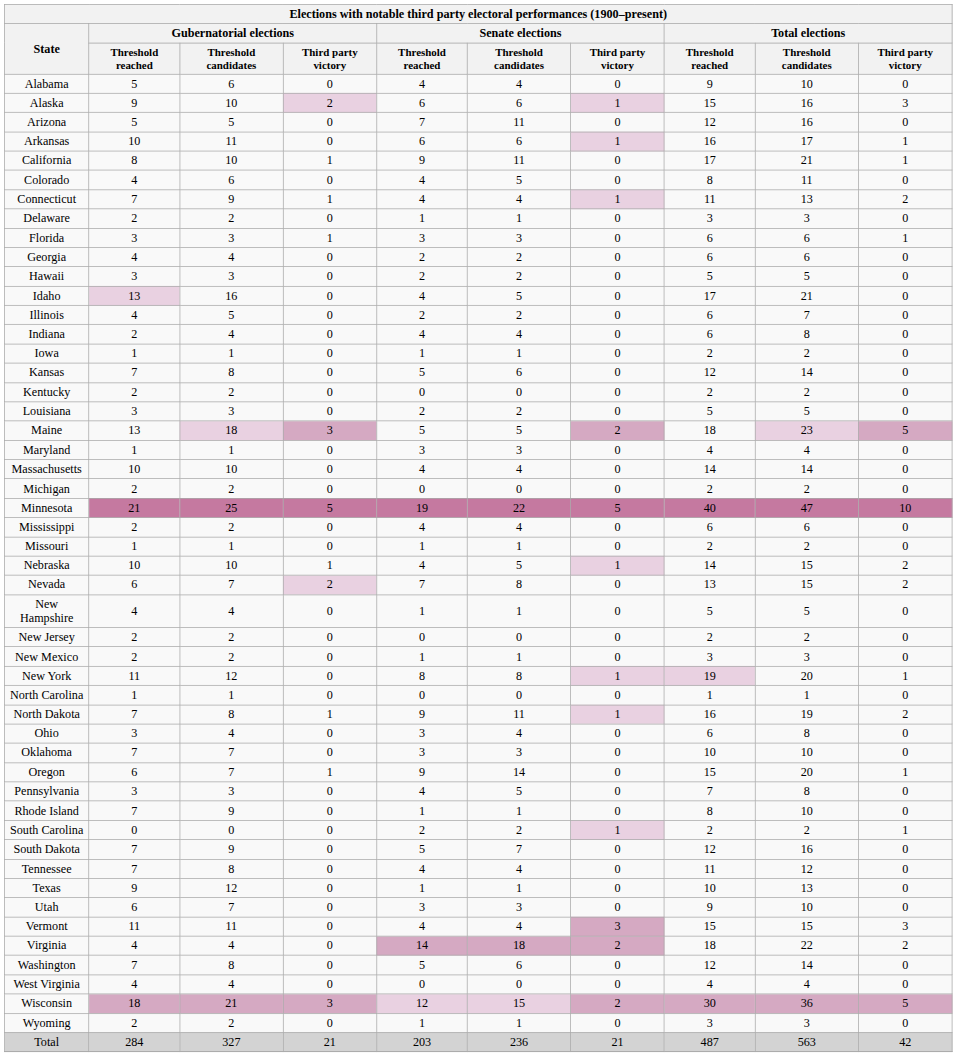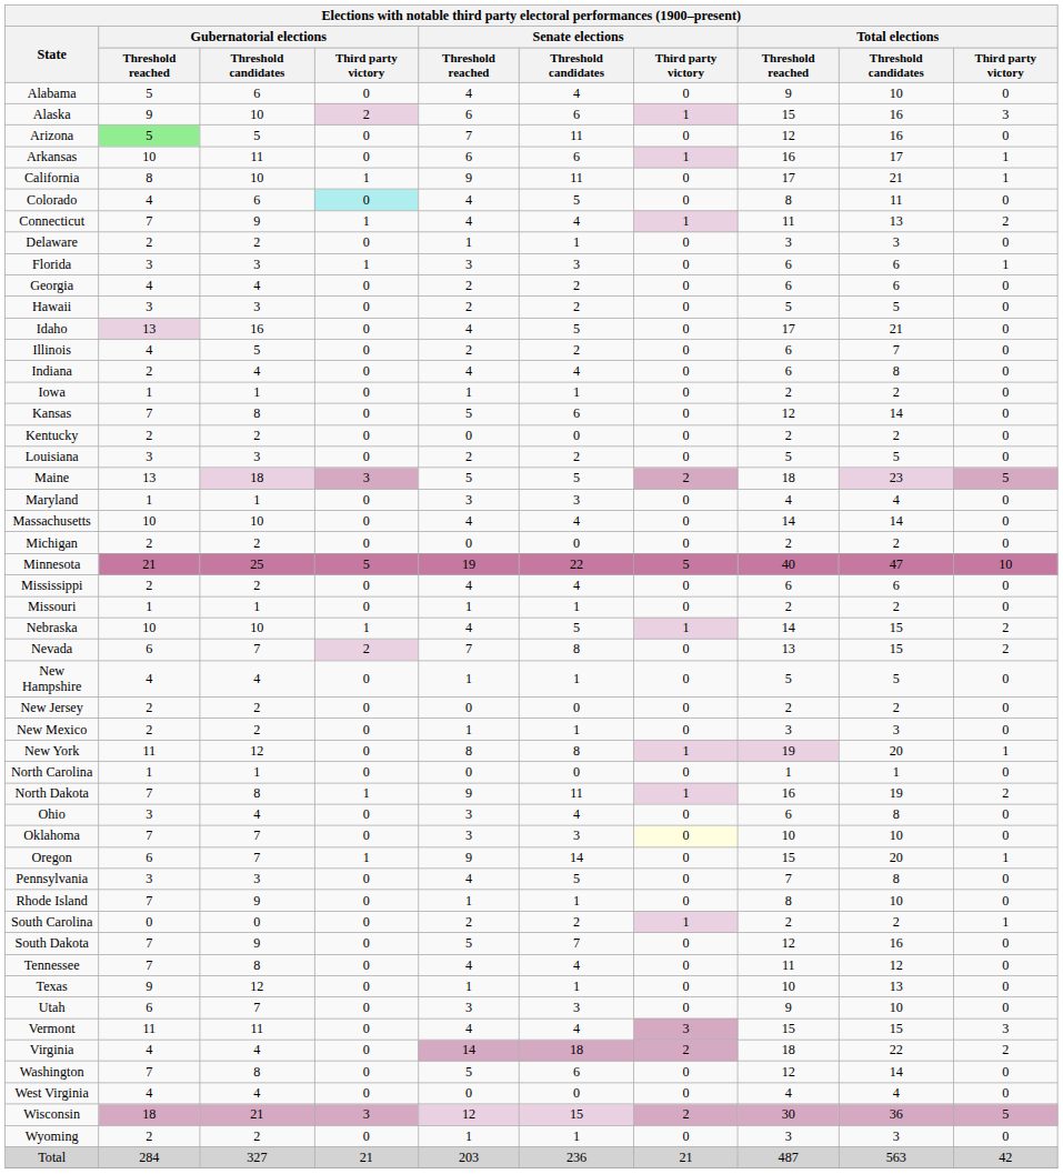 <table class="wikitable sortable mw-collapsible" style="text-align:center;">
 <tr bgcolor=lightgrey>
 <th colspan="10">Elections with notable third party electoral performances (1900–present)</th>
 </tr>
 <tr style="background:lightgrey;">
 <th rowspan="2">State</th>
 <th colspan="3">Gubernatorial elections</th>
 <th colspan="3">Senate elections</th>
 <th colspan="3">Total elections</th>
 </tr>
 <tr style="background:lightgrey; font-size:90%">
 <th>Threshold reached</th>
 <th>Threshold candidates</th>
 <th>Third party victory</th>
 <th>Threshold reached</th>
 <th>Threshold candidates</th>
 <th>Third party victory</th>
 <th>Threshold reached</th>
 <th>Threshold candidates</th>
 <th>Third party victory</th>
 </tr>
 <tr>
 <td>Alabama</td>
 <td>5</td>
 <td>6</td>
 <td>0</td>
 <td>4</td>
 <td>4</td>
 <td>0</td>
 <td>9</td>
 <td>10</td>
 <td>0</td>
 </tr>
 <tr>
 <td>Alaska</td>
 <td>9</td>
 <td>10</td>
 <td style="background:#e9d1e1;">2</td>
 <td>6</td>
 <td>6</td>
 <td style="background:#e9d1e1;">1</td>
 <td>15</td>
 <td>16</td>
 <td>3</td>
 </tr>
 <tr>
 <td>Arizona</td>
-<td>5</td>
+<td style="background: lightgreen;">5</td>
 <td>5</td>
 <td>0</td>
 <td>7</td>
 <td>11</td>
 <td>0</td>
 <td>12</td>
 <td>16</td>
 <td>0</td>
 </tr>
 <tr>
 <td>Arkansas</td>
 <td>10</td>
 <td>11</td>
 <td>0</td>
 <td>6</td>
 <td>6</td>
 <td style="background:#e9d1e1;">1</td>
 <td>16</td>
 <td>17</td>
 <td>1</td>
 </tr>
 <tr>
 <td>California</td>
 <td>8</td>
 <td>10</td>
 <td>1</td>
 <td>9</td>
 <td>11</td>
 <td>0</td>
 <td>17</td>
 <td>21</td>
 <td>1</td>
 </tr>
 <tr>
 <td>Colorado</td>
 <td>4</td>
 <td>6</td>
-<td>0</td>
+<td style="background: paleturquoise;">0</td>
 <td>4</td>
 <td>5</td>
 <td>0</td>
 <td>8</td>
 <td>11</td>
 <td>0</td>
 </tr>
 <tr>
 <td>Connecticut</td>
 <td>7</td>
 <td>9</td>
 <td>1</td>
 <td>4</td>
 <td>4</td>
 <td style="background:#e9d1e1;">1</td>
 <td>11</td>
 <td>13</td>
 <td>2</td>
 </tr>
 <tr>
 <td>Delaware</td>
 <td>2</td>
 <td>2</td>
 <td>0</td>
 <td>1</td>
 <td>1</td>
 <td>0</td>
 <td>3</td>
 <td>3</td>
 <td>0</td>
 </tr>
 <tr>
 <td>Florida</td>
 <td>3</td>
 <td>3</td>
 <td>1</td>
 <td>3</td>
 <td>3</td>
 <td>0</td>
 <td>6</td>
 <td>6</td>
 <td>1</td>
 </tr>
 <tr>
 <td>Georgia</td>
 <td>4</td>
 <td>4</td>
 <td>0</td>
 <td>2</td>
 <td>2</td>
 <td>0</td>
 <td>6</td>
 <td>6</td>
 <td>0</td>
 </tr>
 <tr>
 <td>Hawaii</td>
 <td>3</td>
 <td>3</td>
 <td>0</td>
 <td>2</td>
 <td>2</td>
 <td>0</td>
 <td>5</td>
 <td>5</td>
 <td>0</td>
 </tr>
 <tr>
 <td>Idaho</td>
 <td style="background:#e9d1e1;">13</td>
 <td>16</td>
 <td>0</td>
 <td>4</td>
 <td>5</td>
 <td>0</td>
 <td>17</td>
 <td>21</td>
 <td>0</td>
 </tr>
 <tr>
 <td>Illinois</td>
 <td>4</td>
 <td>5</td>
 <td>0</td>
 <td>2</td>
 <td>2</td>
 <td>0</td>
 <td>6</td>
 <td>7</td>
 <td>0</td>
 </tr>
 <tr>
 <td>Indiana</td>
 <td>2</td>
 <td>4</td>
 <td>0</td>
 <td>4</td>
 <td>4</td>
 <td>0</td>
 <td>6</td>
 <td>8</td>
 <td>0</td>
 </tr>
 <tr>
 <td>Iowa</td>
 <td>1</td>
 <td>1</td>
 <td>0</td>
 <td>1</td>
 <td>1</td>
 <td>0</td>
 <td>2</td>
 <td>2</td>
 <td>0</td>
 </tr>
 <tr>
 <td>Kansas</td>
 <td>7</td>
 <td>8</td>
 <td>0</td>
 <td>5</td>
 <td>6</td>
 <td>0</td>
 <td>12</td>
 <td>14</td>
 <td>0</td>
 </tr>
 <tr>
 <td>Kentucky</td>
 <td>2</td>
 <td>2</td>
 <td>0</td>
 <td>0</td>
 <td>0</td>
 <td>0</td>
 <td>2</td>
 <td>2</td>
 <td>0</td>
 </tr>
 <tr>
 <td>Louisiana</td>
 <td>3</td>
 <td>3</td>
 <td>0</td>
 <td>2</td>
 <td>2</td>
 <td>0</td>
 <td>5</td>
 <td>5</td>
 <td>0</td>
 </tr>
 <tr>
 <td>Maine</td>
 <td>13</td>
 <td style="background:#e9d1e1;">18</td>
 <td style="background:#d5a9c2;">3</td>
 <td>5</td>
 <td>5</td>
 <td style="background:#d5a9c2;">2</td>
 <td>18</td>
 <td style="background:#e9d1e1;">23</td>
 <td style="background:#d5a9c2;">5</td>
 </tr>
 <tr>
 <td>Maryland</td>
 <td>1</td>
 <td>1</td>
 <td>0</td>
 <td>3</td>
 <td>3</td>
 <td>0</td>
 <td>4</td>
 <td>4</td>
 <td>0</td>
 </tr>
 <tr>
 <td>Massachusetts</td>
 <td>10</td>
 <td>10</td>
 <td>0</td>
 <td>4</td>
 <td>4</td>
 <td>0</td>
 <td>14</td>
 <td>14</td>
 <td>0</td>
 </tr>
 <tr>
 <td>Michigan</td>
 <td>2</td>
 <td>2</td>
 <td>0</td>
 <td>0</td>
 <td>0</td>
 <td>0</td>
 <td>2</td>
 <td>2</td>
 <td>0</td>
 </tr>
 <tr>
 <td>Minnesota</td>
 <td style="background:#c579a0;">21</td>
 <td style="background:#c579a0;">25</td>
 <td style="background:#c579a0;">5</td>
 <td style="background:#c579a0;">19</td>
 <td style="background:#c579a0;">22</td>
 <td style="background:#c579a0;">5</td>
 <td style="background:#c579a0;">40</td>
 <td style="background:#c579a0;">47</td>
 <td style="background:#c579a0;">10</td>
 </tr>
 <tr>
 <td>Mississippi</td>
 <td>2</td>
 <td>2</td>
 <td>0</td>
 <td>4</td>
 <td>4</td>
 <td>0</td>
 <td>6</td>
 <td>6</td>
 <td>0</td>
 </tr>
 <tr>
 <td>Missouri</td>
 <td>1</td>
 <td>1</td>
 <td>0</td>
 <td>1</td>
 <td>1</td>
 <td>0</td>
 <td>2</td>
 <td>2</td>
 <td>0</td>
 </tr>
 <tr>
 <td>Nebraska</td>
 <td>10</td>
 <td>10</td>
 <td>1</td>
 <td>4</td>
 <td>5</td>
 <td style="background:#e9d1e1;">1</td>
 <td>14</td>
 <td>15</td>
 <td>2</td>
 </tr>
 <tr>
 <td>Nevada</td>
 <td>6</td>
 <td>7</td>
 <td style="background:#e9d1e1;">2</td>
 <td>7</td>
 <td>8</td>
 <td>0</td>
 <td>13</td>
 <td>15</td>
 <td>2</td>
 </tr>
 <tr>
 <td>New Hampshire</td>
 <td>4</td>
 <td>4</td>
 <td>0</td>
 <td>1</td>
 <td>1</td>
 <td>0</td>
 <td>5</td>
 <td>5</td>
 <td>0</td>
 </tr>
 <tr>
 <td>New Jersey</td>
 <td>2</td>
 <td>2</td>
 <td>0</td>
 <td>0</td>
 <td>0</td>
 <td>0</td>
 <td>2</td>
 <td>2</td>
 <td>0</td>
 </tr>
 <tr>
 <td>New Mexico</td>
 <td>2</td>
 <td>2</td>
 <td>0</td>
 <td>1</td>
 <td>1</td>
 <td>0</td>
 <td>3</td>
 <td>3</td>
 <td>0</td>
 </tr>
 <tr>
 <td>New York</td>
 <td>11</td>
 <td>12</td>
 <td>0</td>
 <td>8</td>
 <td>8</td>
 <td style="background:#e9d1e1;">1</td>
 <td style="background:#e9d1e1;">19</td>
 <td>20</td>
 <td>1</td>
 </tr>
 <tr>
 <td>North Carolina</td>
 <td>1</td>
 <td>1</td>
 <td>0</td>
 <td>0</td>
 <td>0</td>
 <td>0</td>
 <td>1</td>
 <td>1</td>
 <td>0</td>
 </tr>
 <tr>
 <td>North Dakota</td>
 <td>7</td>
 <td>8</td>
 <td>1</td>
 <td>9</td>
 <td>11</td>
 <td style="background:#e9d1e1;">1</td>
 <td>16</td>
 <td>19</td>
 <td>2</td>
 </tr>
 <tr>
 <td>Ohio</td>
 <td>3</td>
 <td>4</td>
 <td>0</td>
 <td>3</td>
 <td>4</td>
 <td>0</td>
 <td>6</td>
 <td>8</td>
 <td>0</td>
 </tr>
 <tr>
 <td>Oklahoma</td>
 <td>7</td>
 <td>7</td>
 <td>0</td>
 <td>3</td>
 <td>3</td>
-<td>0</td>
+<td style="background: lightyellow;">0</td>
 <td>10</td>
 <td>10</td>
 <td>0</td>
 </tr>
 <tr>
 <td>Oregon</td>
 <td>6</td>
 <td>7</td>
 <td>1</td>
 <td>9</td>
 <td>14</td>
 <td>0</td>
 <td>15</td>
 <td>20</td>
 <td>1</td>
 </tr>
 <tr>
 <td>Pennsylvania</td>
 <td>3</td>
 <td>3</td>
 <td>0</td>
 <td>4</td>
 <td>5</td>
 <td>0</td>
 <td>7</td>
 <td>8</td>
 <td>0</td>
 </tr>
 <tr>
 <td>Rhode Island</td>
 <td>7</td>
 <td>9</td>
 <td>0</td>
 <td>1</td>
 <td>1</td>
 <td>0</td>
 <td>8</td>
 <td>10</td>
 <td>0</td>
 </tr>
 <tr>
 <td>South Carolina</td>
 <td>0</td>
 <td>0</td>
 <td>0</td>
 <td>2</td>
 <td>2</td>
 <td style="background:#e9d1e1;">1</td>
 <td>2</td>
 <td>2</td>
 <td>1</td>
 </tr>
 <tr>
 <td>South Dakota</td>
 <td>7</td>
 <td>9</td>
 <td>0</td>
 <td>5</td>
 <td>7</td>
 <td>0</td>
 <td>12</td>
 <td>16</td>
 <td>0</td>
 </tr>
 <tr>
 <td>Tennessee</td>
 <td>7</td>
 <td>8</td>
 <td>0</td>
 <td>4</td>
 <td>4</td>
 <td>0</td>
 <td>11</td>
 <td>12</td>
 <td>0</td>
 </tr>
 <tr>
 <td>Texas</td>
 <td>9</td>
 <td>12</td>
 <td>0</td>
 <td>1</td>
 <td>1</td>
 <td>0</td>
 <td>10</td>
 <td>13</td>
 <td>0</td>
 </tr>
 <tr>
 <td>Utah</td>
 <td>6</td>
 <td>7</td>
 <td>0</td>
 <td>3</td>
 <td>3</td>
 <td>0</td>
 <td>9</td>
 <td>10</td>
 <td>0</td>
 </tr>
 <tr>
 <td>Vermont</td>
 <td>11</td>
 <td>11</td>
 <td>0</td>
 <td>4</td>
 <td>4</td>
 <td style="background:#d5a9c2;">3</td>
 <td>15</td>
 <td>15</td>
 <td>3</td>
 </tr>
 <tr>
 <td>Virginia</td>
 <td>4</td>
 <td>4</td>
 <td>0</td>
 <td style="background:#d5a9c2;">14</td>
 <td style="background:#d5a9c2;">18</td>
 <td style="background:#d5a9c2;">2</td>
 <td>18</td>
 <td>22</td>
 <td>2</td>
 </tr>
 <tr>
 <td>Washington</td>
 <td>7</td>
 <td>8</td>
 <td>0</td>
 <td>5</td>
 <td>6</td>
 <td>0</td>
 <td>12</td>
 <td>14</td>
 <td>0</td>
 </tr>
 <tr>
 <td>West Virginia</td>
 <td>4</td>
 <td>4</td>
 <td>0</td>
 <td>0</td>
 <td>0</td>
 <td>0</td>
 <td>4</td>
 <td>4</td>
 <td>0</td>
 </tr>
 <tr>
 <td>Wisconsin</td>
 <td style="background:#d5a9c2;">18</td>
 <td style="background:#d5a9c2;">21</td>
 <td style="background:#d5a9c2;">3</td>
 <td style="background:#e9d1e1;">12</td>
 <td style="background:#e9d1e1;">15</td>
 <td style="background:#d5a9c2;">2</td>
 <td style="background:#d5a9c2;">30</td>
 <td style="background:#d5a9c2;">36</td>
 <td style="background:#d5a9c2;">5</td>
 </tr>
 <tr>
 <td>Wyoming</td>
 <td>2</td>
 <td>2</td>
 <td>0</td>
 <td>1</td>
 <td>1</td>
 <td>0</td>
 <td>3</td>
 <td>3</td>
 <td>0</td>
 </tr>
 <tr>
 <td style="background:lightgrey;">Total</td>
 <td style="background:lightgrey;">284</td>
 <td style="background:lightgrey;">327</td>
 <td style="background:lightgrey;">21</td>
 <td style="background:lightgrey;">203</td>
 <td style="background:lightgrey;">236</td>
 <td style="background:lightgrey;">21</td>
 <td style="background:lightgrey;">487</td>
 <td style="background:lightgrey;">563</td>
 <td style="background:lightgrey;">42</td>
 </tr>
 <tr>
 </tr>
 </table>
